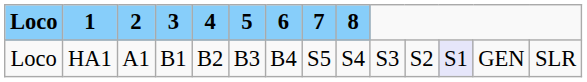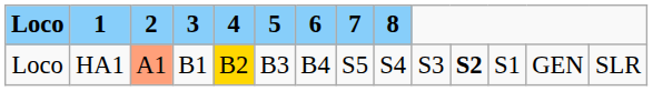 <table class="wikitable plainrowheaders unsortable" style="text-align:center">
 <tr>
 <th scope="col" rowspan="1" style="background:lightskyblue;">Loco</th>
 <th scope="col" rowspan="1" style="background:lightskyblue;">1</th>
 <th scope="col" rowspan="1" style="background:lightskyblue;">2</th>
 <th scope="col" rowspan="1" style="background:lightskyblue;">3</th>
 <th scope="col" rowspan="1" style="background:lightskyblue;">4</th>
 <th scope="col" rowspan="1" style="background:lightskyblue;">5</th>
 <th scope="col" rowspan="1" style="background:lightskyblue;">6</th>
 <th scope="col" rowspan="1" style="background:lightskyblue;">7</th>
 <th scope="col" rowspan="1" style="background:lightskyblue;">8</th>
 </tr>
 <tr>
 <td>Loco</td>
 <td>HA1</td>
-<td>A1</td>
+<td style="background: lightsalmon;">A1</td>
 <td>B1</td>
-<td>B2</td>
+<td style="background: gold;">B2</td>
 <td>B3</td>
 <td>B4</td>
 <td>S5</td>
 <td>S4</td>
 <td>S3</td>
-<td>S2</td>
-<td style="background: lavender;">S1</td>
+<td><strong>S2</strong></td>
+<td>S1</td>
 <td>GEN</td>
 <td>SLR</td>
 </tr>
 </table>
